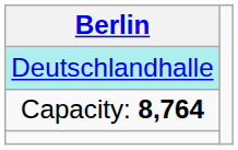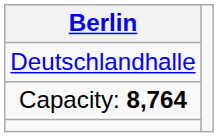 <table class="wikitable" style="text-align: center;">
 <tr>
 <th><a href='#'>Berlin</a></th>
 <td rowspan="4"></td>
 </tr>
 <tr>
-<td style="background: paleturquoise;"><a href='#'>Deutschlandhalle</a></td>
+<td><a href='#'>Deutschlandhalle</a></td>
 </tr>
 <tr>
 <td>Capacity: <strong>8,764</strong></td>
 </tr>
 <tr>
 <td></td>
 </tr>
 </table>
